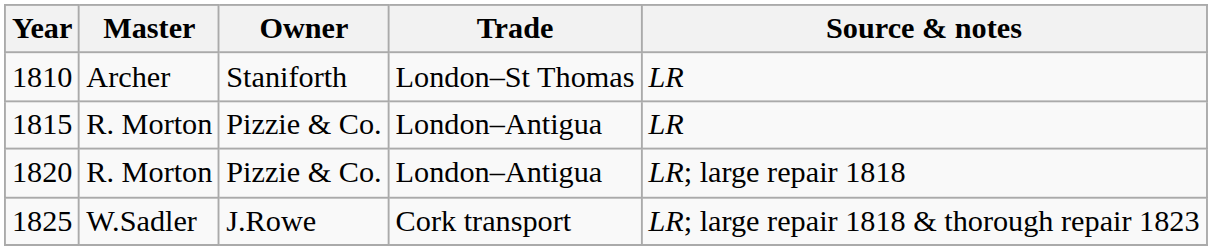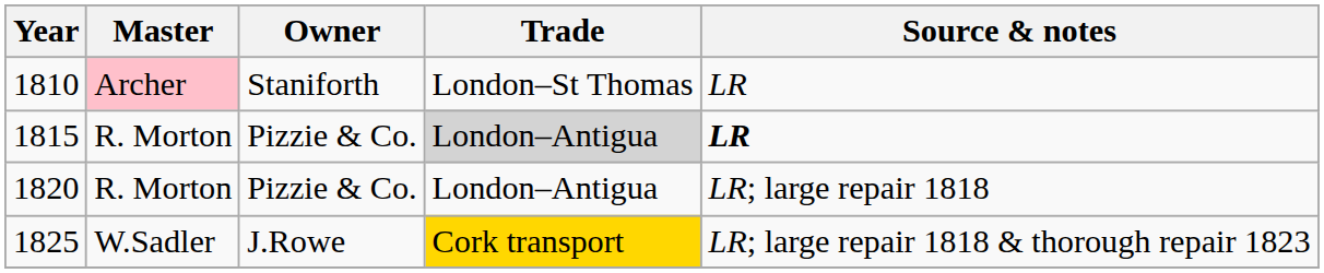 <table class=" wikitable">
 <tr>
 <th>Year</th>
 <th>Master</th>
 <th>Owner</th>
 <th>Trade</th>
 <th>Source & notes</th>
 </tr>
 <tr>
 <td>1810</td>
-<td>Archer</td>
+<td style="background: pink;">Archer</td>
 <td>Staniforth</td>
 <td>London–St Thomas</td>
 <td><em>LR</em></td>
 </tr>
 <tr>
 <td>1815</td>
 <td>R. Morton</td>
 <td>Pizzie & Co.</td>
-<td>London–Antigua</td>
-<td><em>LR</em></td>
+<td style="background: lightgrey;">London–Antigua</td>
+<td><strong><em>LR</em></strong></td>
 </tr>
 <tr>
 <td>1820</td>
 <td>R. Morton</td>
 <td>Pizzie & Co.</td>
 <td>London–Antigua</td>
 <td><em>LR</em>; large repair 1818</td>
 </tr>
 <tr>
 <td>1825</td>
 <td>W.Sadler</td>
 <td>J.Rowe</td>
-<td>Cork transport</td>
+<td style="background: gold;">Cork transport</td>
 <td><em>LR</em>; large repair 1818 & thorough repair 1823</td>
 </tr>
 <tr>
 </tr>
 </table>
